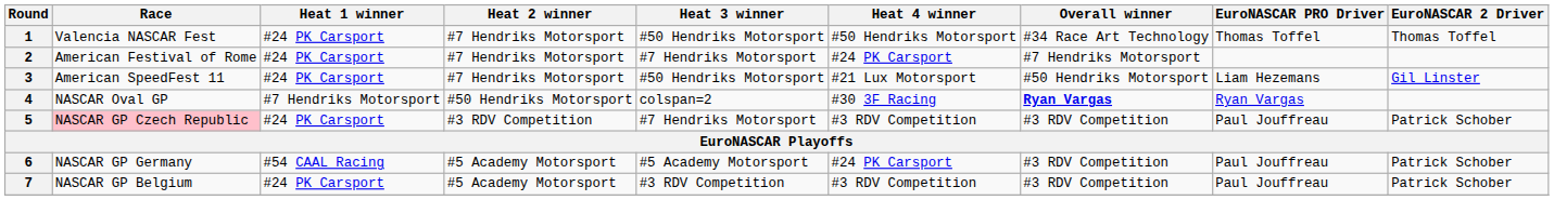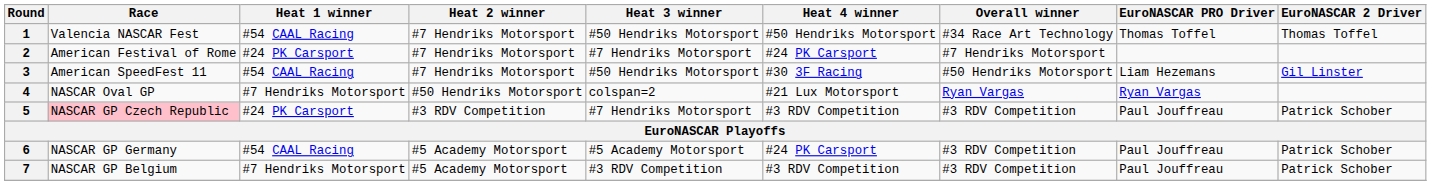 <table class="wikitable" style="font-size:85%;">
 <tr>
 <th>Round</th>
 <th>Race</th>
 <th>Heat 1 winner</th>
 <th>Heat 2 winner</th>
 <th>Heat 3 winner</th>
 <th>Heat 4 winner</th>
 <th>Overall winner</th>
 <th>EuroNASCAR PRO Driver</th>
 <th>EuroNASCAR 2 Driver</th>
 </tr>
 <tr>
 <th>1</th>
 <td>Valencia NASCAR Fest</td>
-<td> #24 <a href='#'>PK Carsport</a></td>
+<td> #54 <a href='#'>CAAL Racing</a></td>
 <td> #7 Hendriks Motorsport</td>
 <td> #50 Hendriks Motorsport</td>
 <td> #50 Hendriks Motorsport</td>
 <td> #34 Race Art Technology</td>
 <td> Thomas Toffel</td>
 <td> Thomas Toffel</td>
 </tr>
 <tr>
 <th>2</th>
 <td>American Festival of Rome</td>
 <td> #24 <a href='#'>PK Carsport</a></td>
 <td> #7 Hendriks Motorsport</td>
 <td> #7 Hendriks Motorsport</td>
 <td> #24 <a href='#'>PK Carsport</a></td>
 <td> #7 Hendriks Motorsport</td>
 <td> </td>
 <td> </td>
 </tr>
 <tr>
 <th>3</th>
 <td>American SpeedFest 11</td>
-<td> #24 <a href='#'>PK Carsport</a></td>
+<td> #54 <a href='#'>CAAL Racing</a></td>
 <td> #7 Hendriks Motorsport</td>
 <td> #50 Hendriks Motorsport</td>
-<td> #21 Lux Motorsport</td>
+<td> #30 <a href='#'>3F Racing</a></td>
 <td> #50 Hendriks Motorsport</td>
 <td> Liam Hezemans</td>
 <td> <a href='#'>Gil Linster</a></td>
 </tr>
 <tr>
 <th>4</th>
 <td>NASCAR Oval GP</td>
 <td> #7 Hendriks Motorsport</td>
 <td> #50 Hendriks Motorsport</td>
 <td>colspan=2 </td>
-<td> #30 <a href='#'>3F Racing</a></td>
-<td><strong> <a href='#'>Ryan Vargas</a></strong></td>
+<td> #21 Lux Motorsport</td>
+<td> <a href='#'>Ryan Vargas</a></td>
 <td> <a href='#'>Ryan Vargas</a></td>
 </tr>
 <tr>
 <th>5</th>
 <td style="background: pink;">NASCAR GP Czech Republic</td>
 <td> #24 <a href='#'>PK Carsport</a></td>
 <td> #3 RDV Competition</td>
 <td> #7 Hendriks Motorsport</td>
 <td> #3 RDV Competition</td>
 <td> #3 RDV Competition</td>
 <td> Paul Jouffreau</td>
 <td> Patrick Schober</td>
 </tr>
 <tr>
 <th colspan="9">EuroNASCAR Playoffs</th>
 </tr>
 <tr>
 <th>6</th>
 <td>NASCAR GP Germany</td>
 <td> #54 <a href='#'>CAAL Racing</a></td>
 <td> #5 Academy Motorsport</td>
 <td> #5 Academy Motorsport</td>
 <td> #24 <a href='#'>PK Carsport</a></td>
 <td> #3 RDV Competition</td>
 <td> Paul Jouffreau</td>
 <td> Patrick Schober</td>
 </tr>
 <tr>
 <th>7</th>
 <td>NASCAR GP Belgium</td>
-<td> #24 <a href='#'>PK Carsport</a></td>
+<td> #7 Hendriks Motorsport</td>
 <td> #5 Academy Motorsport</td>
 <td> #3 RDV Competition</td>
 <td> #3 RDV Competition</td>
 <td> #3 RDV Competition</td>
 <td> Paul Jouffreau</td>
 <td> Patrick Schober</td>
 </tr>
 <tr>
 </tr>
 </table>
